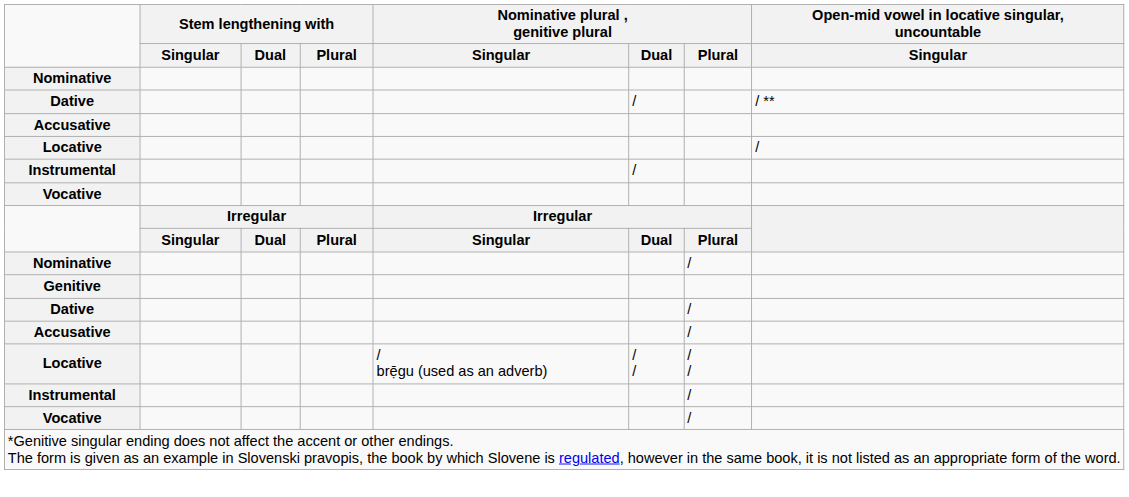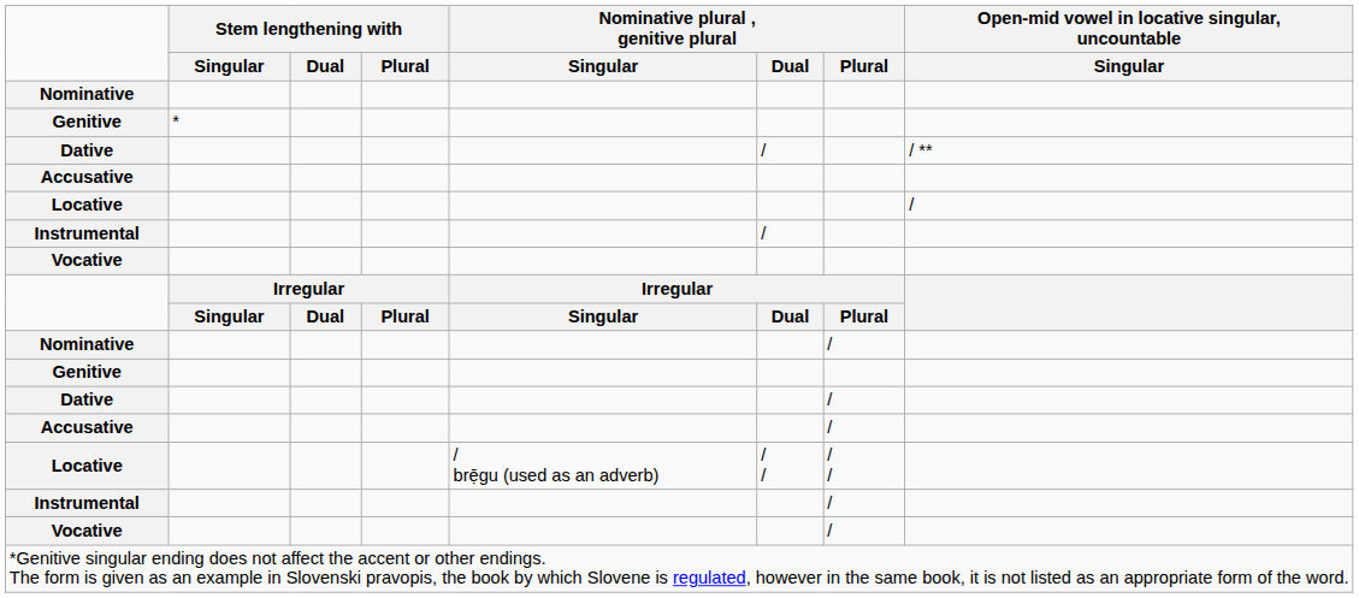 <table class="wikitable">
 <tr>
 <td rowspan="2"></td>
 <th colspan="3">Stem lengthening with </th>
 <th colspan="3">Nominative plural ,<br>genitive plural </th>
 <th>Open-mid vowel in locative singular,<br>uncountable</th>
 </tr>
 <tr>
 <th>Singular</th>
 <th>Dual</th>
 <th>Plural</th>
 <th>Singular</th>
 <th>Dual</th>
 <th>Plural</th>
 <th>Singular</th>
 </tr>
 <tr>
 <th>Nominative</th>
 <td></td>
+<td></td>
+<td></td>
+<td></td>
+<td></td>
+<td></td>
+<td></td>
+</tr>
+<tr>
+<th>Genitive</th>
+<td>*</td>
 <td></td>
 <td></td>
 <td></td>
 <td></td>
 <td></td>
 <td></td>
 </tr>
 <tr>
 <th>Dative</th>
 <td></td>
 <td></td>
 <td></td>
 <td></td>
 <td> /<br></td>
 <td></td>
 <td> / **</td>
 </tr>
 <tr>
 <th>Accusative</th>
 <td></td>
 <td></td>
 <td></td>
 <td></td>
 <td></td>
 <td></td>
 <td></td>
 </tr>
 <tr>
 <th>Locative</th>
 <td></td>
 <td></td>
 <td></td>
 <td></td>
 <td></td>
 <td></td>
 <td> / </td>
 </tr>
 <tr>
 <th>Instrumental</th>
 <td></td>
 <td></td>
 <td></td>
 <td></td>
 <td> /<br></td>
 <td></td>
 <td></td>
 </tr>
 <tr>
 <th>Vocative</th>
 <td></td>
 <td></td>
 <td></td>
 <td></td>
 <td></td>
 <td></td>
 <td></td>
 </tr>
 <tr>
 <td rowspan="2"></td>
 <th colspan="3">Irregular</th>
 <th colspan="3">Irregular</th>
 <th rowspan="2"></th>
 </tr>
 <tr>
 <th>Singular</th>
 <th>Dual</th>
 <th>Plural</th>
 <th>Singular</th>
 <th>Dual</th>
 <th>Plural</th>
 </tr>
 <tr>
 <th>Nominative</th>
 <td></td>
 <td></td>
 <td></td>
 <td></td>
 <td></td>
 <td> /<br></td>
 <td></td>
 </tr>
 <tr>
 <th>Genitive</th>
 <td></td>
 <td></td>
 <td></td>
 <td></td>
 <td></td>
 <td></td>
 <td></td>
 </tr>
 <tr>
 <th>Dative</th>
 <td></td>
 <td></td>
 <td></td>
 <td></td>
 <td></td>
 <td> /<br></td>
 <td></td>
 </tr>
 <tr>
 <th>Accusative</th>
 <td></td>
 <td></td>
 <td></td>
 <td></td>
 <td></td>
 <td> /<br></td>
 <td></td>
 </tr>
 <tr>
 <th>Locative</th>
 <td></td>
 <td></td>
 <td></td>
 <td> /<br>brẹ̄gu (used as an adverb)</td>
 <td> /<br> /<br></td>
 <td> /<br> /<br></td>
 <td></td>
 </tr>
 <tr>
 <th>Instrumental</th>
 <td></td>
 <td></td>
 <td></td>
 <td></td>
 <td></td>
 <td> /<br></td>
 <td></td>
 </tr>
 <tr>
 <th>Vocative</th>
 <td></td>
 <td></td>
 <td></td>
 <td></td>
 <td></td>
 <td> /<br></td>
 <td></td>
 </tr>
 <tr>
 <td colspan="8">*Genitive singular ending  does not affect the accent or other endings.<br>The form is given as an example in Slovenski pravopis, the book by which Slovene is <a href='#'>regulated</a>, however in the same book, it is not listed as an appropriate form of the word.</td>
 </tr>
 </table>
